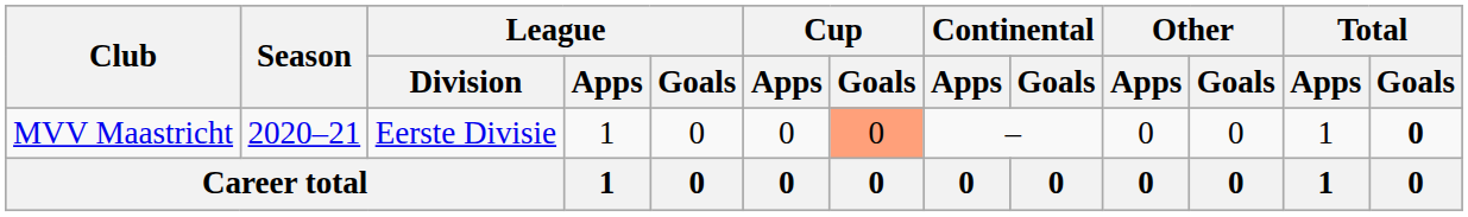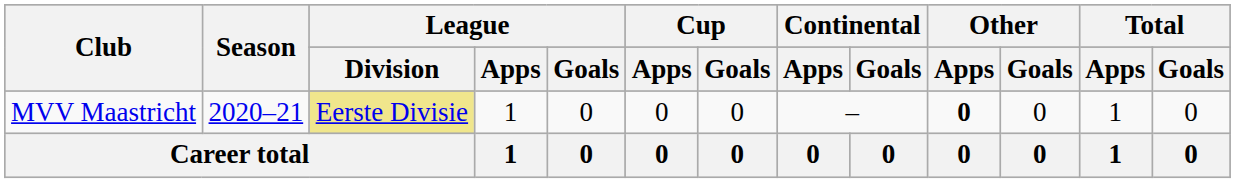 <table class="wikitable" style="text-align: center">
 <tr>
 <th rowspan="2">Club</th>
 <th rowspan="2">Season</th>
 <th colspan="3">League</th>
 <th colspan="2">Cup</th>
 <th colspan="2">Continental</th>
 <th colspan="2">Other</th>
 <th colspan="2">Total</th>
 </tr>
 <tr>
 <th>Division</th>
 <th>Apps</th>
 <th>Goals</th>
 <th>Apps</th>
 <th>Goals</th>
 <th>Apps</th>
 <th>Goals</th>
 <th>Apps</th>
 <th>Goals</th>
 <th>Apps</th>
 <th>Goals</th>
 </tr>
 <tr>
 <td><a href='#'>MVV Maastricht</a></td>
 <td><a href='#'>2020–21</a></td>
-<td><a href='#'>Eerste Divisie</a></td>
+<td style="background: khaki;"><a href='#'>Eerste Divisie</a></td>
 <td>1</td>
 <td>0</td>
 <td>0</td>
-<td style="background: lightsalmon;">0</td>
+<td>0</td>
 <td colspan="2">–</td>
-<td>0</td>
+<td><strong>0</strong></td>
 <td>0</td>
 <td>1</td>
-<td><strong>0</strong></td>
+<td>0</td>
 </tr>
 <tr>
 <th colspan="3"><strong>Career total</strong></th>
 <th>1</th>
 <th>0</th>
 <th>0</th>
 <th>0</th>
 <th>0</th>
 <th>0</th>
 <th>0</th>
 <th>0</th>
 <th>1</th>
 <th>0</th>
 </tr>
 </table>
